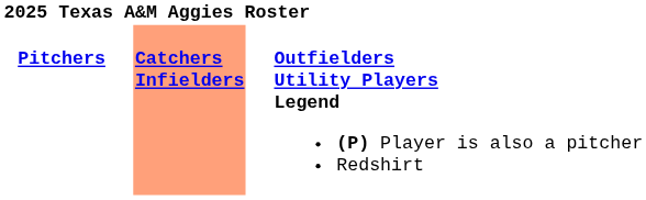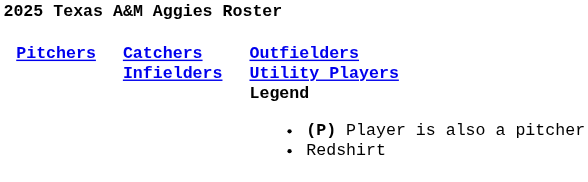 <table class="toccolours" style="border-collapse:collapse; font-size:90%;">
 <tr>
 <td colspan="7"><strong>2025 Texas A&M Aggies Roster</strong></td>
 </tr>
 <tr>
 <td width="03"> </td>
 <td valign="top"><br><strong><a href='#'>Pitchers</a></strong></td>
 <td width="15"> </td>
-<td valign="top" style="background: lightsalmon;"><br><strong><a href='#'>Catchers</a></strong><br><strong><a href='#'>Infielders</a></strong></td>
+<td valign="top"><br><strong><a href='#'>Catchers</a></strong><br><strong><a href='#'>Infielders</a></strong></td>
 <td width="15"> </td>
 <td valign="top"><br><strong><a href='#'>Outfielders</a></strong><br><strong><a href='#'>Utility Players</a></strong><br><strong>Legend</strong><ul><li><strong>(P)</strong> Player is also a pitcher</li><li> Redshirt</li></ul></td>
 <td width="25"> </td>
 </tr>
 </table>
